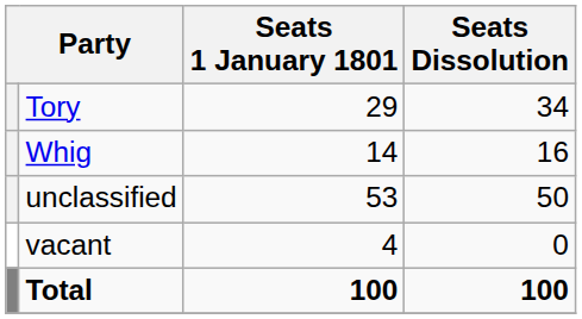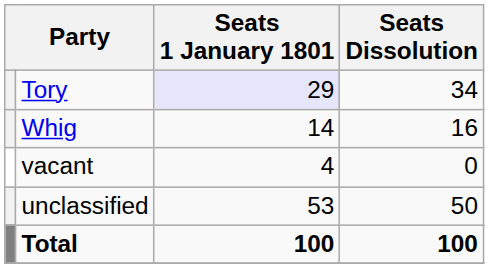 <table class=wikitable>
 <tr>
 <th colspan=2>Party</th>
 <th>Seats<br>1 January 1801</th>
 <th>Seats<br>Dissolution</th>
 </tr>
 <tr>
 <th style="background-color: "></th>
 <td><a href='#'>Tory</a></td>
-<td align="right">29</td>
+<td align="right" style="background: lavender;">29</td>
 <td align="right">34</td>
 </tr>
 <tr>
 <th style="background-color: "></th>
 <td><a href='#'>Whig</a></td>
 <td align="right">14</td>
 <td align="right">16</td>
 </tr>
 <tr>
+<th style="background-color: white"></th>
+<td>vacant</td>
+<td align="right">4</td>
+<td align="right">0</td>
+</tr>
+<tr>
 <th style="background-color: "></th>
 <td>unclassified</td>
 <td align="right">53</td>
 <td align="right">50</td>
-</tr>
-<tr>
-<th style="background-color: white"></th>
-<td>vacant</td>
-<td align="right">4</td>
-<td align="right">0</td>
 </tr>
 <tr>
 <th style="background-color: grey"></th>
 <td><strong>Total</strong></td>
 <td align="right"><strong>100</strong></td>
 <td align="right"><strong>100</strong></td>
 </tr>
 <tr>
 </tr>
 </table>
